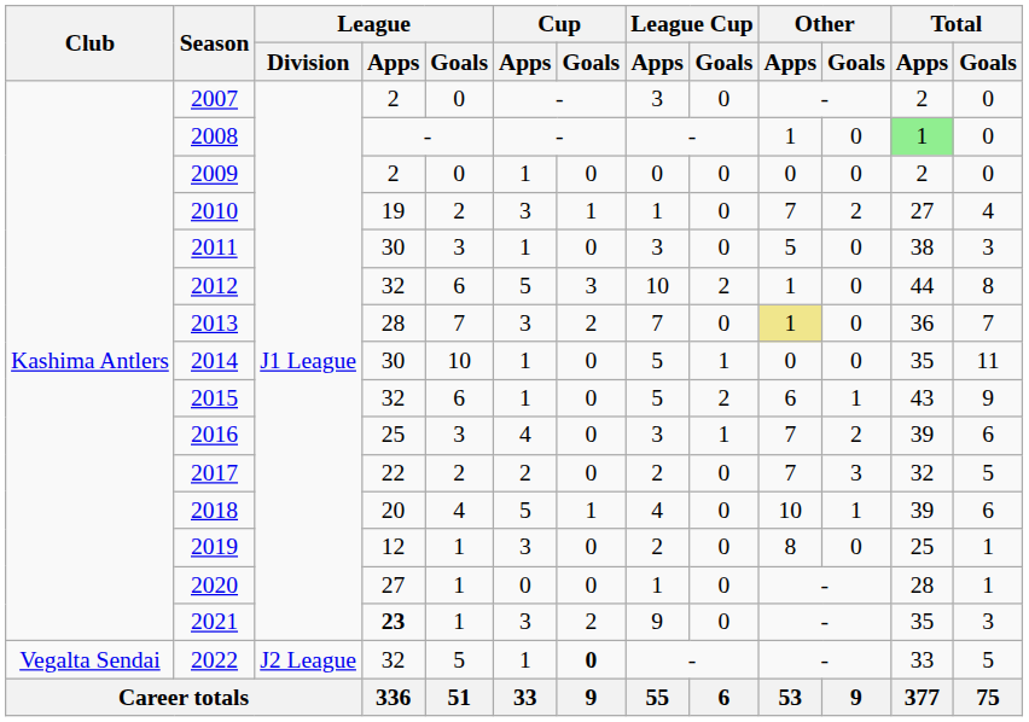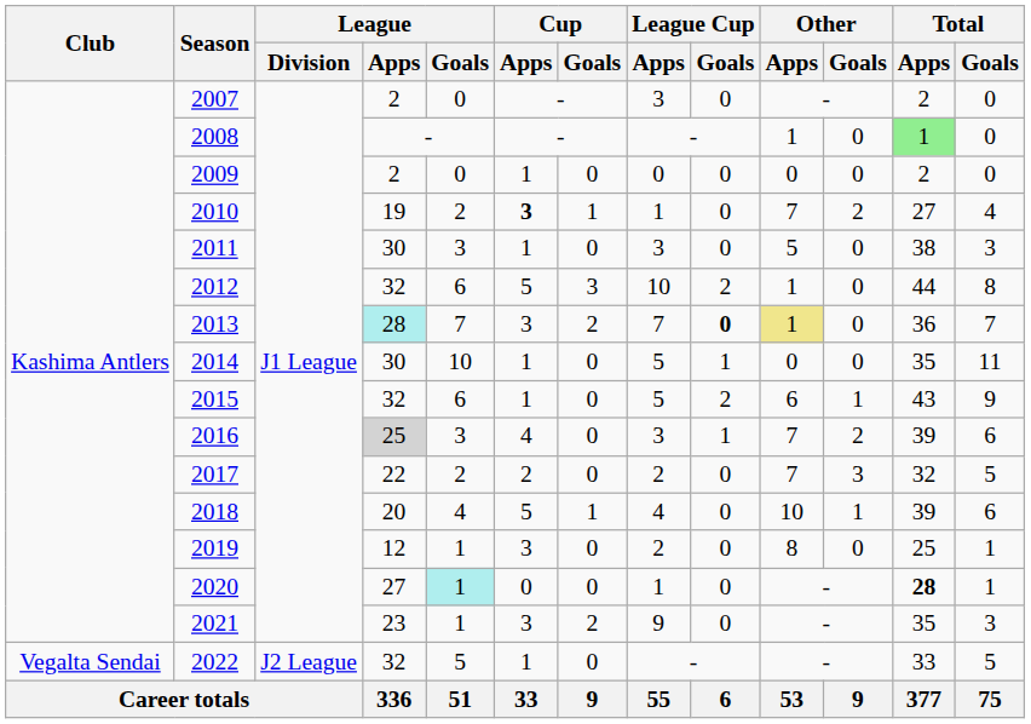 <table class="wikitable" style="text-align: center">
 <tr>
 <th rowspan=2>Club</th>
 <th rowspan=2>Season</th>
 <th colspan=3>League</th>
 <th colspan=2>Cup</th>
 <th colspan=2>League Cup</th>
 <th colspan=2>Other</th>
 <th colspan=2>Total</th>
 </tr>
 <tr>
 <th>Division</th>
 <th>Apps</th>
 <th>Goals</th>
 <th>Apps</th>
 <th>Goals</th>
 <th>Apps</th>
 <th>Goals</th>
 <th>Apps</th>
 <th>Goals</th>
 <th>Apps</th>
 <th>Goals</th>
 </tr>
 <tr>
 <td rowspan="15"><a href='#'>Kashima Antlers</a></td>
 <td><a href='#'>2007</a></td>
 <td rowspan="15"><a href='#'>J1 League</a></td>
 <td>2</td>
 <td>0</td>
 <td colspan="2">-</td>
 <td>3</td>
 <td>0</td>
 <td colspan="2">-</td>
 <td>2</td>
 <td>0</td>
 </tr>
 <tr>
 <td><a href='#'>2008</a></td>
 <td colspan="2">-</td>
 <td colspan="2">-</td>
 <td colspan="2">-</td>
 <td>1</td>
 <td>0</td>
 <td style="background: lightgreen;">1</td>
 <td>0</td>
 </tr>
 <tr>
 <td><a href='#'>2009</a></td>
 <td>2</td>
 <td>0</td>
 <td>1</td>
 <td>0</td>
 <td>0</td>
 <td>0</td>
 <td>0</td>
 <td>0</td>
 <td>2</td>
 <td>0</td>
 </tr>
 <tr>
 <td><a href='#'>2010</a></td>
 <td>19</td>
 <td>2</td>
-<td>3</td>
+<td><strong>3</strong></td>
 <td>1</td>
 <td>1</td>
 <td>0</td>
 <td>7</td>
 <td>2</td>
 <td>27</td>
 <td>4</td>
 </tr>
 <tr>
 <td><a href='#'>2011</a></td>
 <td>30</td>
 <td>3</td>
 <td>1</td>
 <td>0</td>
 <td>3</td>
 <td>0</td>
 <td>5</td>
 <td>0</td>
 <td>38</td>
 <td>3</td>
 </tr>
 <tr>
 <td><a href='#'>2012</a></td>
 <td>32</td>
 <td>6</td>
 <td>5</td>
 <td>3</td>
 <td>10</td>
 <td>2</td>
 <td>1</td>
 <td>0</td>
 <td>44</td>
 <td>8</td>
 </tr>
 <tr>
 <td><a href='#'>2013</a></td>
-<td>28</td>
+<td style="background: paleturquoise;">28</td>
 <td>7</td>
 <td>3</td>
 <td>2</td>
 <td>7</td>
-<td>0</td>
+<td><strong>0</strong></td>
 <td style="background: khaki;">1</td>
 <td>0</td>
 <td>36</td>
 <td>7</td>
 </tr>
 <tr>
 <td><a href='#'>2014</a></td>
 <td>30</td>
 <td>10</td>
 <td>1</td>
 <td>0</td>
 <td>5</td>
 <td>1</td>
 <td>0</td>
 <td>0</td>
 <td>35</td>
 <td>11</td>
 </tr>
 <tr>
 <td><a href='#'>2015</a></td>
 <td>32</td>
 <td>6</td>
 <td>1</td>
 <td>0</td>
 <td>5</td>
 <td>2</td>
 <td>6</td>
 <td>1</td>
 <td>43</td>
 <td>9</td>
 </tr>
 <tr>
 <td><a href='#'>2016</a></td>
-<td>25</td>
+<td style="background: lightgrey;">25</td>
 <td>3</td>
 <td>4</td>
 <td>0</td>
 <td>3</td>
 <td>1</td>
 <td>7</td>
 <td>2</td>
 <td>39</td>
 <td>6</td>
 </tr>
 <tr>
 <td><a href='#'>2017</a></td>
 <td>22</td>
 <td>2</td>
 <td>2</td>
 <td>0</td>
 <td>2</td>
 <td>0</td>
 <td>7</td>
 <td>3</td>
 <td>32</td>
 <td>5</td>
 </tr>
 <tr>
 <td><a href='#'>2018</a></td>
 <td>20</td>
 <td>4</td>
 <td>5</td>
 <td>1</td>
 <td>4</td>
 <td>0</td>
 <td>10</td>
 <td>1</td>
 <td>39</td>
 <td>6</td>
 </tr>
 <tr>
 <td><a href='#'>2019</a></td>
 <td>12</td>
 <td>1</td>
 <td>3</td>
 <td>0</td>
 <td>2</td>
 <td>0</td>
 <td>8</td>
 <td>0</td>
 <td>25</td>
 <td>1</td>
 </tr>
 <tr>
 <td><a href='#'>2020</a></td>
 <td>27</td>
-<td>1</td>
+<td style="background: paleturquoise;">1</td>
 <td>0</td>
 <td>0</td>
 <td>1</td>
 <td>0</td>
 <td colspan="2">-</td>
-<td>28</td>
+<td><strong>28</strong></td>
 <td>1</td>
 </tr>
 <tr>
 <td><a href='#'>2021</a></td>
-<td><strong>23</strong></td>
+<td>23</td>
 <td>1</td>
 <td>3</td>
 <td>2</td>
 <td>9</td>
 <td>0</td>
 <td colspan="2">-</td>
 <td>35</td>
 <td>3</td>
 </tr>
 <tr>
 <td><a href='#'>Vegalta Sendai</a></td>
 <td><a href='#'>2022</a></td>
 <td><a href='#'>J2 League</a></td>
 <td>32</td>
 <td>5</td>
 <td>1</td>
-<td><strong>0</strong></td>
+<td>0</td>
 <td colspan="2">-</td>
 <td colspan="2">-</td>
 <td>33</td>
 <td>5</td>
 </tr>
 <tr>
 <th colspan="3">Career totals</th>
 <th>336</th>
 <th>51</th>
 <th>33</th>
 <th>9</th>
 <th>55</th>
 <th>6</th>
 <th>53</th>
 <th>9</th>
 <th>377</th>
 <th>75</th>
 </tr>
 </table>
